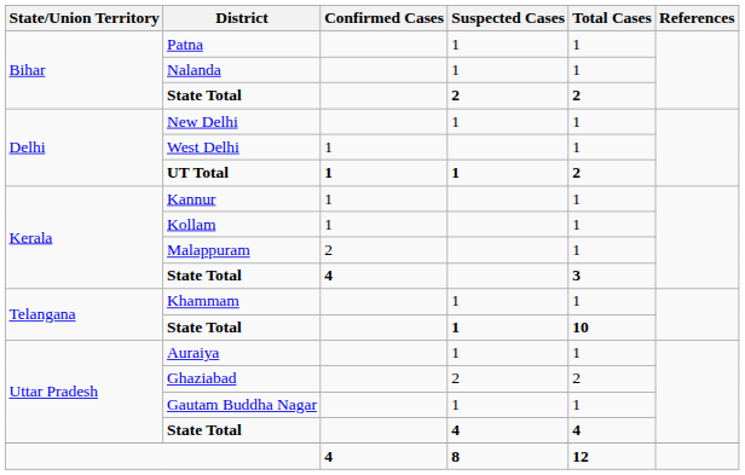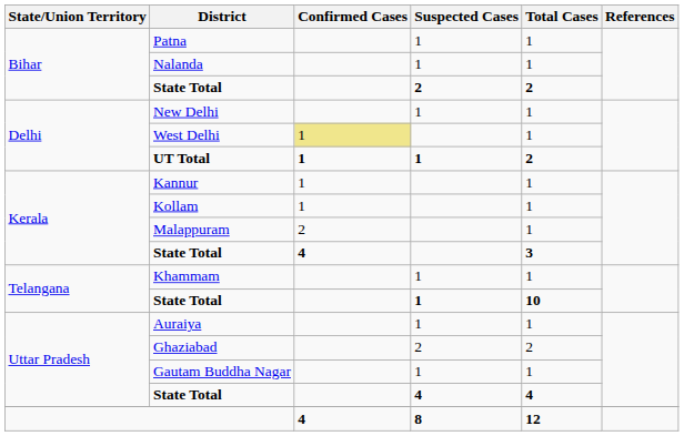 <table class="wikitable">
 <tr>
 <th>State/Union Territory</th>
 <th>District</th>
 <th>Confirmed Cases</th>
 <th>Suspected Cases</th>
 <th>Total Cases</th>
 <th>References</th>
 </tr>
 <tr>
 <td rowspan="3"><a href='#'>Bihar</a></td>
 <td><a href='#'>Patna</a></td>
 <td></td>
 <td>1</td>
 <td>1</td>
 <td rowspan="3"></td>
 </tr>
 <tr>
 <td><a href='#'>Nalanda</a></td>
 <td></td>
 <td>1</td>
 <td>1</td>
 </tr>
 <tr>
 <td><strong>State Total</strong></td>
 <td><strong></strong></td>
 <td><strong>2</strong></td>
 <td><strong>2</strong></td>
 </tr>
 <tr>
 <td rowspan="3"><a href='#'>Delhi</a></td>
 <td><a href='#'>New Delhi</a></td>
 <td></td>
 <td>1</td>
 <td>1</td>
 <td rowspan="3"></td>
 </tr>
 <tr>
 <td><a href='#'>West Delhi</a></td>
-<td>1</td>
+<td style="background: khaki;">1</td>
 <td></td>
 <td>1</td>
 </tr>
 <tr>
 <td><strong>UT Total</strong></td>
 <td><strong>1</strong></td>
 <td><strong>1</strong></td>
 <td><strong>2</strong></td>
 </tr>
 <tr>
 <td rowspan="4"><a href='#'>Kerala</a></td>
 <td><a href='#'>Kannur</a></td>
 <td>1</td>
 <td></td>
 <td>1</td>
 <td rowspan="4"></td>
 </tr>
 <tr>
 <td><a href='#'>Kollam</a></td>
 <td>1</td>
 <td></td>
 <td>1</td>
 </tr>
 <tr>
 <td><a href='#'>Malappuram</a></td>
 <td>2</td>
 <td></td>
 <td>1</td>
 </tr>
 <tr>
 <td><strong>State Total</strong></td>
 <td><strong>4</strong></td>
 <td><strong></strong></td>
 <td><strong>3</strong></td>
 </tr>
 <tr>
 <td rowspan="2"><a href='#'>Telangana</a></td>
 <td><a href='#'>Khammam</a></td>
 <td></td>
 <td>1</td>
 <td>1</td>
 <td rowspan="2"></td>
 </tr>
 <tr>
 <td><strong>State Total</strong></td>
 <td><strong></strong></td>
 <td><strong>1</strong></td>
 <td><strong>10</strong></td>
 </tr>
 <tr>
 <td rowspan="4"><a href='#'>Uttar Pradesh</a></td>
 <td><a href='#'>Auraiya</a></td>
 <td></td>
 <td>1</td>
 <td>1</td>
 <td rowspan="4"></td>
 </tr>
 <tr>
 <td><a href='#'>Ghaziabad</a></td>
 <td></td>
 <td>2</td>
 <td>2</td>
 </tr>
 <tr>
 <td><a href='#'>Gautam Buddha Nagar</a></td>
 <td></td>
 <td>1</td>
 <td>1</td>
 </tr>
 <tr>
 <td><strong>State Total</strong></td>
 <td><strong></strong></td>
 <td><strong>4</strong></td>
 <td><strong>4</strong></td>
 </tr>
 <tr>
 </tr>
 <tr class="sortbottom">
 <td colspan="2"><strong></strong></td>
 <td><strong>4</strong></td>
 <td><strong>8</strong></td>
 <td><strong>12</strong></td>
 <td></td>
 </tr>
 </table>
